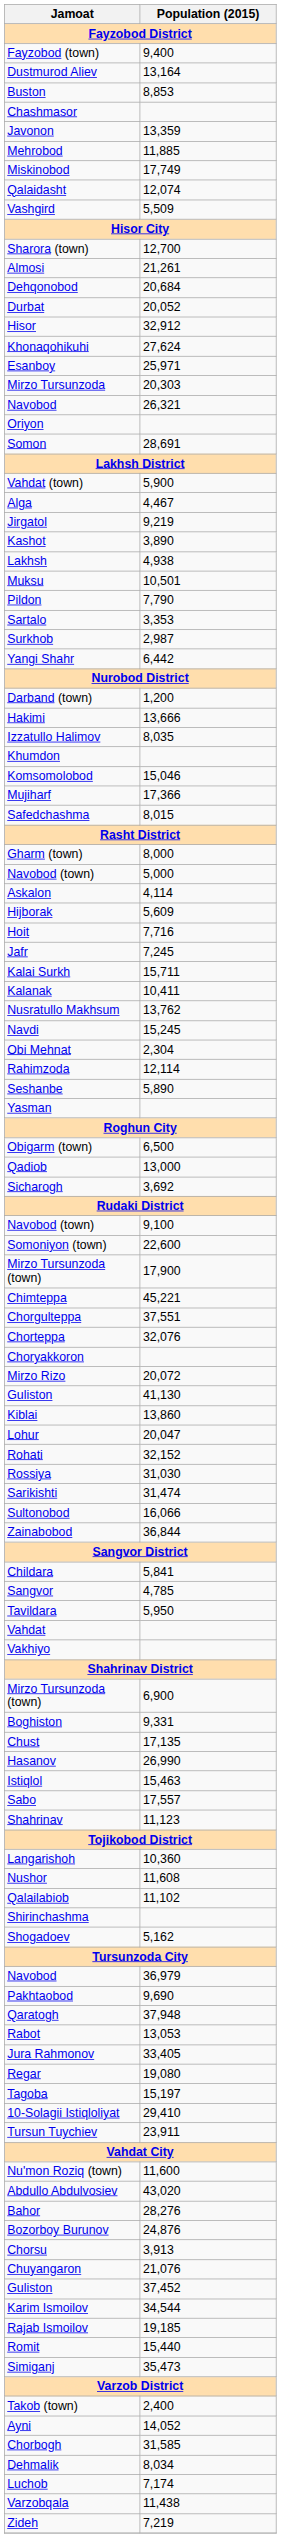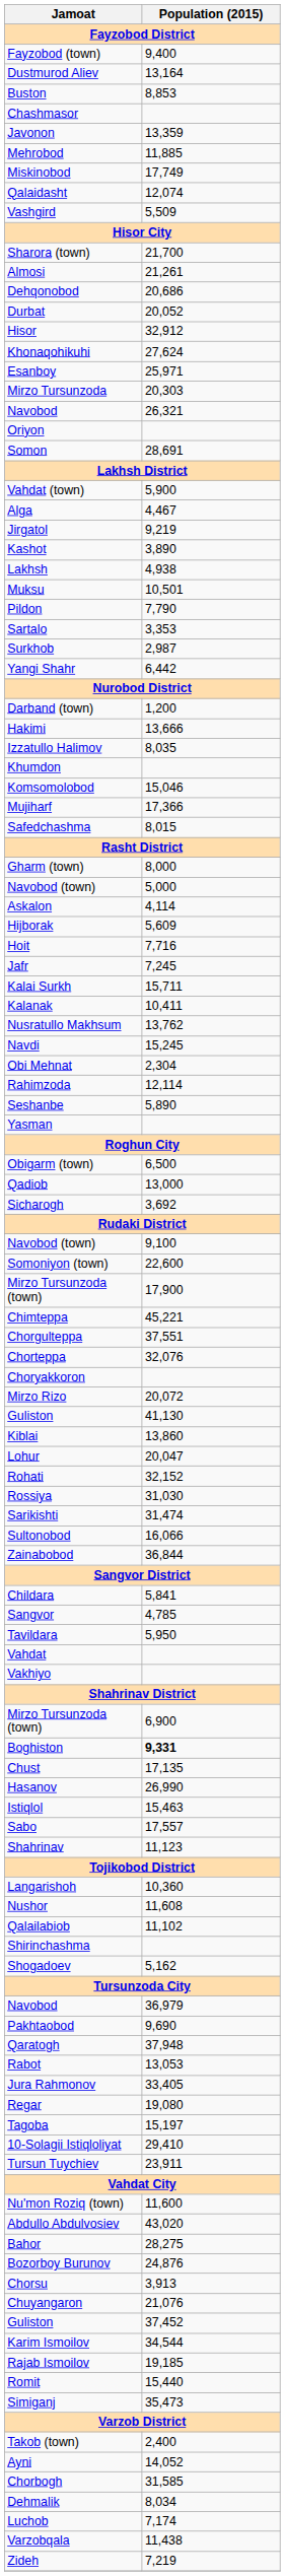 <table class="wikitable" width= "40%">
 <tr>
 <th width= 50%>Jamoat</th>
 <th width=50%>Population (2015)</th>
 </tr>
 <tr>
 <td colspan="2" style="text-align:center; background:#ffdead;"><strong><a href='#'>Fayzobod District</a></strong></td>
 </tr>
 <tr>
 <td><a href='#'>Fayzobod</a> (town)</td>
 <td>9,400</td>
 </tr>
 <tr>
 <td><a href='#'>Dustmurod Aliev</a></td>
 <td>13,164</td>
 </tr>
 <tr>
 <td><a href='#'>Buston</a></td>
 <td>8,853</td>
 </tr>
 <tr>
 <td><a href='#'>Chashmasor</a></td>
 <td></td>
 </tr>
 <tr>
 <td><a href='#'>Javonon</a></td>
 <td>13,359</td>
 </tr>
 <tr>
 <td><a href='#'>Mehrobod</a></td>
 <td>11,885</td>
 </tr>
 <tr>
 <td><a href='#'>Miskinobod</a></td>
 <td>17,749</td>
 </tr>
 <tr>
 <td><a href='#'>Qalaidasht</a></td>
 <td>12,074</td>
 </tr>
 <tr>
 <td><a href='#'>Vashgird</a></td>
 <td>5,509</td>
 </tr>
 <tr>
 <td colspan="2" style="text-align:center; background:#ffdead;"><strong><a href='#'>Hisor City</a></strong></td>
 </tr>
 <tr>
 <td><a href='#'>Sharora</a> (town)</td>
-<td>12,700</td>
+<td>21,700</td>
 </tr>
 <tr>
 <td><a href='#'>Almosi</a></td>
 <td>21,261</td>
 </tr>
 <tr>
 <td><a href='#'>Dehqonobod</a></td>
-<td>20,684</td>
+<td>20,686</td>
 </tr>
 <tr>
 <td><a href='#'>Durbat</a></td>
 <td>20,052</td>
 </tr>
 <tr>
 <td><a href='#'>Hisor</a></td>
 <td>32,912</td>
 </tr>
 <tr>
 <td><a href='#'>Khonaqohikuhi</a></td>
 <td>27,624</td>
 </tr>
 <tr>
 <td><a href='#'>Esanboy</a></td>
 <td>25,971</td>
 </tr>
 <tr>
 <td><a href='#'>Mirzo Tursunzoda</a></td>
 <td>20,303</td>
 </tr>
 <tr>
 <td><a href='#'>Navobod</a></td>
 <td>26,321</td>
 </tr>
 <tr>
 <td><a href='#'>Oriyon</a></td>
 <td></td>
 </tr>
 <tr>
 <td><a href='#'>Somon</a></td>
 <td>28,691</td>
 </tr>
 <tr>
 <td colspan="2" style="text-align:center; background:#ffdead;"><strong><a href='#'>Lakhsh District</a></strong></td>
 </tr>
 <tr>
 <td><a href='#'>Vahdat</a> (town)</td>
 <td>5,900</td>
 </tr>
 <tr>
 <td><a href='#'>Alga</a></td>
 <td>4,467</td>
 </tr>
 <tr>
 <td><a href='#'>Jirgatol</a></td>
 <td>9,219</td>
 </tr>
 <tr>
 <td><a href='#'>Kashot</a></td>
 <td>3,890</td>
 </tr>
 <tr>
 <td><a href='#'>Lakhsh</a></td>
 <td>4,938</td>
 </tr>
 <tr>
 <td><a href='#'>Muksu</a></td>
 <td>10,501</td>
 </tr>
 <tr>
 <td><a href='#'>Pildon</a></td>
 <td>7,790</td>
 </tr>
 <tr>
 <td><a href='#'>Sartalo</a></td>
 <td>3,353</td>
 </tr>
 <tr>
 <td><a href='#'>Surkhob</a></td>
 <td>2,987</td>
 </tr>
 <tr>
 <td><a href='#'>Yangi Shahr</a></td>
 <td>6,442</td>
 </tr>
 <tr>
 <td colspan="2" style="text-align:center; background:#ffdead;"><strong><a href='#'>Nurobod District</a></strong></td>
 </tr>
 <tr>
 <td><a href='#'>Darband</a> (town)</td>
 <td>1,200</td>
 </tr>
 <tr>
 <td><a href='#'>Hakimi</a></td>
 <td>13,666</td>
 </tr>
 <tr>
 <td><a href='#'>Izzatullo Halimov</a></td>
 <td>8,035</td>
 </tr>
 <tr>
 <td><a href='#'>Khumdon</a></td>
 <td></td>
 </tr>
 <tr>
 <td><a href='#'>Komsomolobod</a></td>
 <td>15,046</td>
 </tr>
 <tr>
 <td><a href='#'>Mujiharf</a></td>
 <td>17,366</td>
 </tr>
 <tr>
 <td><a href='#'>Safedchashma</a></td>
 <td>8,015</td>
 </tr>
 <tr>
 <td colspan="2" style="text-align:center; background:#ffdead;"><strong><a href='#'>Rasht District</a></strong></td>
 </tr>
 <tr>
 <td><a href='#'>Gharm</a> (town)</td>
 <td>8,000</td>
 </tr>
 <tr>
 <td><a href='#'>Navobod</a> (town)</td>
 <td>5,000</td>
 </tr>
 <tr>
 <td><a href='#'>Askalon</a></td>
 <td>4,114</td>
 </tr>
 <tr>
 <td><a href='#'>Hijborak</a></td>
 <td>5,609</td>
 </tr>
 <tr>
 <td><a href='#'>Hoit</a></td>
 <td>7,716</td>
 </tr>
 <tr>
 <td><a href='#'>Jafr</a></td>
 <td>7,245</td>
 </tr>
 <tr>
 <td><a href='#'>Kalai Surkh</a></td>
 <td>15,711</td>
 </tr>
 <tr>
 <td><a href='#'>Kalanak</a></td>
 <td>10,411</td>
 </tr>
 <tr>
 <td><a href='#'>Nusratullo Makhsum</a></td>
 <td>13,762</td>
 </tr>
 <tr>
 <td><a href='#'>Navdi</a></td>
 <td>15,245</td>
 </tr>
 <tr>
 <td><a href='#'>Obi Mehnat</a></td>
 <td>2,304</td>
 </tr>
 <tr>
 <td><a href='#'>Rahimzoda</a></td>
 <td>12,114</td>
 </tr>
 <tr>
 <td><a href='#'>Seshanbe</a></td>
 <td>5,890</td>
 </tr>
 <tr>
 <td><a href='#'>Yasman</a></td>
 <td></td>
 </tr>
 <tr>
 <td colspan="2" style="text-align:center; background:#ffdead;"><strong><a href='#'>Roghun City</a></strong></td>
 </tr>
 <tr>
 <td><a href='#'>Obigarm</a> (town)</td>
 <td>6,500</td>
 </tr>
 <tr>
 <td><a href='#'>Qadiob</a></td>
 <td>13,000</td>
 </tr>
 <tr>
 <td><a href='#'>Sicharogh</a></td>
 <td>3,692</td>
 </tr>
 <tr>
 <td colspan="2" style="text-align:center; background:#ffdead;"><strong><a href='#'>Rudaki District</a></strong></td>
 </tr>
 <tr>
 <td><a href='#'>Navobod</a> (town)</td>
 <td>9,100</td>
 </tr>
 <tr>
 <td><a href='#'>Somoniyon</a> (town)</td>
 <td>22,600</td>
 </tr>
 <tr>
 <td><a href='#'>Mirzo Tursunzoda</a> (town)</td>
 <td>17,900</td>
 </tr>
 <tr>
 <td><a href='#'>Chimteppa</a></td>
 <td>45,221</td>
 </tr>
 <tr>
 <td><a href='#'>Chorgulteppa</a></td>
 <td>37,551</td>
 </tr>
 <tr>
 <td><a href='#'>Chorteppa</a></td>
 <td>32,076</td>
 </tr>
 <tr>
 <td><a href='#'>Choryakkoron</a></td>
 <td></td>
 </tr>
 <tr>
 <td><a href='#'>Mirzo Rizo</a></td>
 <td>20,072</td>
 </tr>
 <tr>
 <td><a href='#'>Guliston</a></td>
 <td>41,130</td>
 </tr>
 <tr>
 <td><a href='#'>Kiblai</a></td>
 <td>13,860</td>
 </tr>
 <tr>
 <td><a href='#'>Lohur</a></td>
 <td>20,047</td>
 </tr>
 <tr>
 <td><a href='#'>Rohati</a></td>
 <td>32,152</td>
 </tr>
 <tr>
 <td><a href='#'>Rossiya</a></td>
 <td>31,030</td>
 </tr>
 <tr>
 <td><a href='#'>Sarikishti</a></td>
 <td>31,474</td>
 </tr>
 <tr>
 <td><a href='#'>Sultonobod</a></td>
 <td>16,066</td>
 </tr>
 <tr>
 <td><a href='#'>Zainabobod</a></td>
 <td>36,844</td>
 </tr>
 <tr>
 <td colspan="2" style="text-align:center; background:#ffdead;"><strong><a href='#'>Sangvor District</a></strong></td>
 </tr>
 <tr>
 <td><a href='#'>Childara</a></td>
 <td>5,841</td>
 </tr>
 <tr>
 <td><a href='#'>Sangvor</a></td>
 <td>4,785</td>
 </tr>
 <tr>
 <td><a href='#'>Tavildara</a></td>
 <td>5,950</td>
 </tr>
 <tr>
 <td><a href='#'>Vahdat</a></td>
 <td></td>
 </tr>
 <tr>
 <td><a href='#'>Vakhiyo</a></td>
 <td></td>
 </tr>
 <tr>
 <td colspan="2" style="text-align:center; background:#ffdead;"><strong><a href='#'>Shahrinav District</a></strong></td>
 </tr>
 <tr>
 <td><a href='#'>Mirzo Tursunzoda</a> (town)</td>
 <td>6,900</td>
 </tr>
 <tr>
 <td><a href='#'>Boghiston</a></td>
-<td>9,331</td>
+<td><strong>9,331</strong></td>
 </tr>
 <tr>
 <td><a href='#'>Chust</a></td>
 <td>17,135</td>
 </tr>
 <tr>
 <td><a href='#'>Hasanov</a></td>
 <td>26,990</td>
 </tr>
 <tr>
 <td><a href='#'>Istiqlol</a></td>
 <td>15,463</td>
 </tr>
 <tr>
 <td><a href='#'>Sabo</a></td>
 <td>17,557</td>
 </tr>
 <tr>
 <td><a href='#'>Shahrinav</a></td>
 <td>11,123</td>
 </tr>
 <tr>
 <td colspan="2" style="text-align:center; background:#ffdead;"><strong><a href='#'>Tojikobod District</a></strong></td>
 </tr>
 <tr>
 <td><a href='#'>Langarishoh</a></td>
 <td>10,360</td>
 </tr>
 <tr>
 <td><a href='#'>Nushor</a></td>
 <td>11,608</td>
 </tr>
 <tr>
 <td><a href='#'>Qalailabiob</a></td>
 <td>11,102</td>
 </tr>
 <tr>
 <td><a href='#'>Shirinchashma</a></td>
 <td></td>
 </tr>
 <tr>
 <td><a href='#'>Shogadoev</a></td>
 <td>5,162</td>
 </tr>
 <tr>
 <td colspan="2" style="text-align:center; background:#ffdead;"><strong><a href='#'>Tursunzoda City</a></strong></td>
 </tr>
 <tr>
 <td><a href='#'>Navobod</a></td>
 <td>36,979</td>
 </tr>
 <tr>
 <td><a href='#'>Pakhtaobod</a></td>
 <td>9,690</td>
 </tr>
 <tr>
 <td><a href='#'>Qaratogh</a></td>
 <td>37,948</td>
 </tr>
 <tr>
 <td><a href='#'>Rabot</a></td>
 <td>13,053</td>
 </tr>
 <tr>
 <td><a href='#'>Jura Rahmonov</a></td>
 <td>33,405</td>
 </tr>
 <tr>
 <td><a href='#'>Regar</a></td>
 <td>19,080</td>
 </tr>
 <tr>
 <td><a href='#'>Tagoba</a></td>
 <td>15,197</td>
 </tr>
 <tr>
 <td><a href='#'>10-Solagii Istiqloliyat</a></td>
 <td>29,410</td>
 </tr>
 <tr>
 <td><a href='#'>Tursun Tuychiev</a></td>
 <td>23,911</td>
 </tr>
 <tr>
 <td colspan="2" style="text-align:center; background:#ffdead;"><strong><a href='#'>Vahdat City</a></strong></td>
 </tr>
 <tr>
 <td><a href='#'>Nu'mon Roziq</a> (town)</td>
 <td>11,600</td>
 </tr>
 <tr>
 <td><a href='#'>Abdullo Abdulvosiev</a></td>
 <td>43,020</td>
 </tr>
 <tr>
 <td><a href='#'>Bahor</a></td>
-<td>28,276</td>
+<td>28,275</td>
 </tr>
 <tr>
 <td><a href='#'>Bozorboy Burunov</a></td>
 <td>24,876</td>
 </tr>
 <tr>
 <td><a href='#'>Chorsu</a></td>
 <td>3,913</td>
 </tr>
 <tr>
 <td><a href='#'>Chuyangaron</a></td>
 <td>21,076</td>
 </tr>
 <tr>
 <td><a href='#'>Guliston</a></td>
 <td>37,452</td>
 </tr>
 <tr>
 <td><a href='#'>Karim Ismoilov</a></td>
 <td>34,544</td>
 </tr>
 <tr>
 <td><a href='#'>Rajab Ismoilov</a></td>
 <td>19,185</td>
 </tr>
 <tr>
 <td><a href='#'>Romit</a></td>
 <td>15,440</td>
 </tr>
 <tr>
 <td><a href='#'>Simiganj</a></td>
 <td>35,473</td>
 </tr>
 <tr>
 <td colspan="2" style="text-align:center; background:#ffdead;"><strong><a href='#'>Varzob District</a></strong></td>
 </tr>
 <tr>
 <td><a href='#'>Takob</a> (town)</td>
 <td>2,400</td>
 </tr>
 <tr>
 <td><a href='#'>Ayni</a></td>
 <td>14,052</td>
 </tr>
 <tr>
 <td><a href='#'>Chorbogh</a></td>
 <td>31,585</td>
 </tr>
 <tr>
 <td><a href='#'>Dehmalik</a></td>
 <td>8,034</td>
 </tr>
 <tr>
 <td><a href='#'>Luchob</a></td>
 <td>7,174</td>
 </tr>
 <tr>
 <td><a href='#'>Varzobqala</a></td>
 <td>11,438</td>
 </tr>
 <tr>
 <td><a href='#'>Zideh</a></td>
 <td>7,219</td>
 </tr>
 <tr>
 </tr>
 </table>
